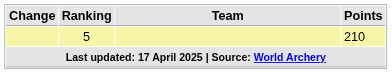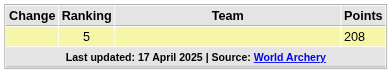 <table cellspacing="1" cellpadding="3" style="border:1px solid #aaa; font-size:90%; float: left; margin-left: 1em;">
 <tr style="background:#e4e4e4;">
 <th style="border-bottom:1px solid #aaa; width:10px;">Change</th>
 <th style="border-bottom:1px solid #aaa; width:10px;">Ranking</th>
 <th style="border-bottom:1px solid #aaa; width:250px;">Team</th>
 <th style="border-bottom:1px solid #aaa; width:30px;">Points</th>
 </tr>
 <tr style="background:#f7f6a8">
 <td style="text-align:center;"><small></small></td>
 <td style="text-align:center;">5</td>
 <td></td>
-<td>210</td>
+<td>208</td>
 </tr>
 <tr style="background:#e4e4e4;">
 <th colspan=4 style="border-bottom:1px solid #aaa; width:10px;"><small>Last updated: 17 April 2025 | Source: <a href='#'>World Archery</a></small></th>
 </tr>
 </table>
